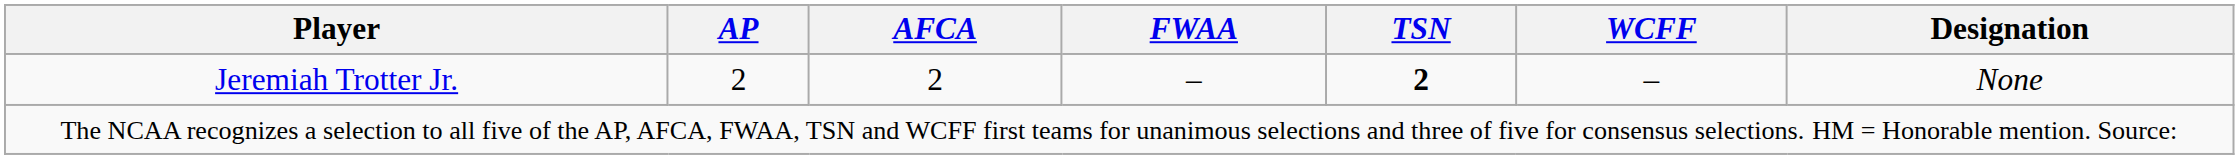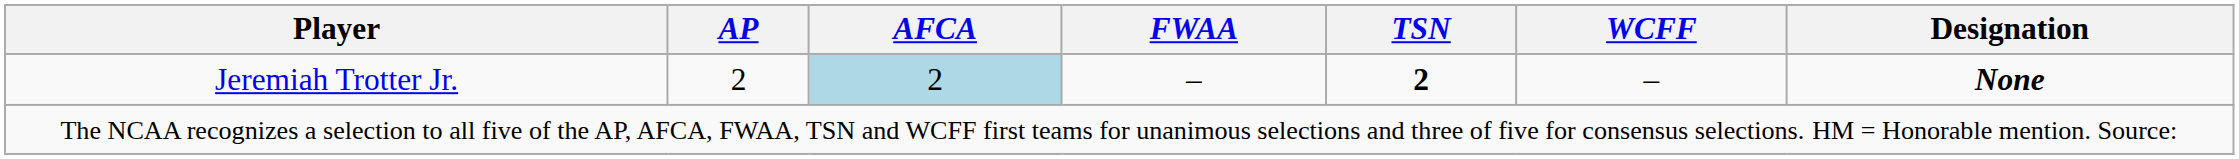 <table class="wikitable" style="width: 90%;text-align: center;">
 <tr>
 <th>Player</th>
 <th><a href='#'><span><em>AP</em></span></a></th>
 <th><a href='#'><span><em>AFCA</em></span></a></th>
 <th><a href='#'><span><em>FWAA</em></span></a></th>
 <th><a href='#'><span><em>TSN</em></span></a></th>
 <th><a href='#'><span><em>WCFF</em></span></a></th>
 <th>Designation</th>
 </tr>
 <tr align="center">
 <td><a href='#'>Jeremiah Trotter Jr.</a></td>
 <td>2</td>
-<td>2</td>
+<td style="background: lightblue;">2</td>
 <td>–</td>
 <td><strong>2</strong></td>
 <td>–</td>
-<td><em>None</em></td>
+<td><strong><em>None</em></strong></td>
 </tr>
 <tr align="center">
 <td colspan=7><small>The NCAA recognizes a selection to all five of the AP, AFCA, FWAA, TSN and WCFF first teams for unanimous selections and three of five for consensus selections.</small> <small>HM = Honorable mention. Source: </small></td>
 </tr>
 </table>
